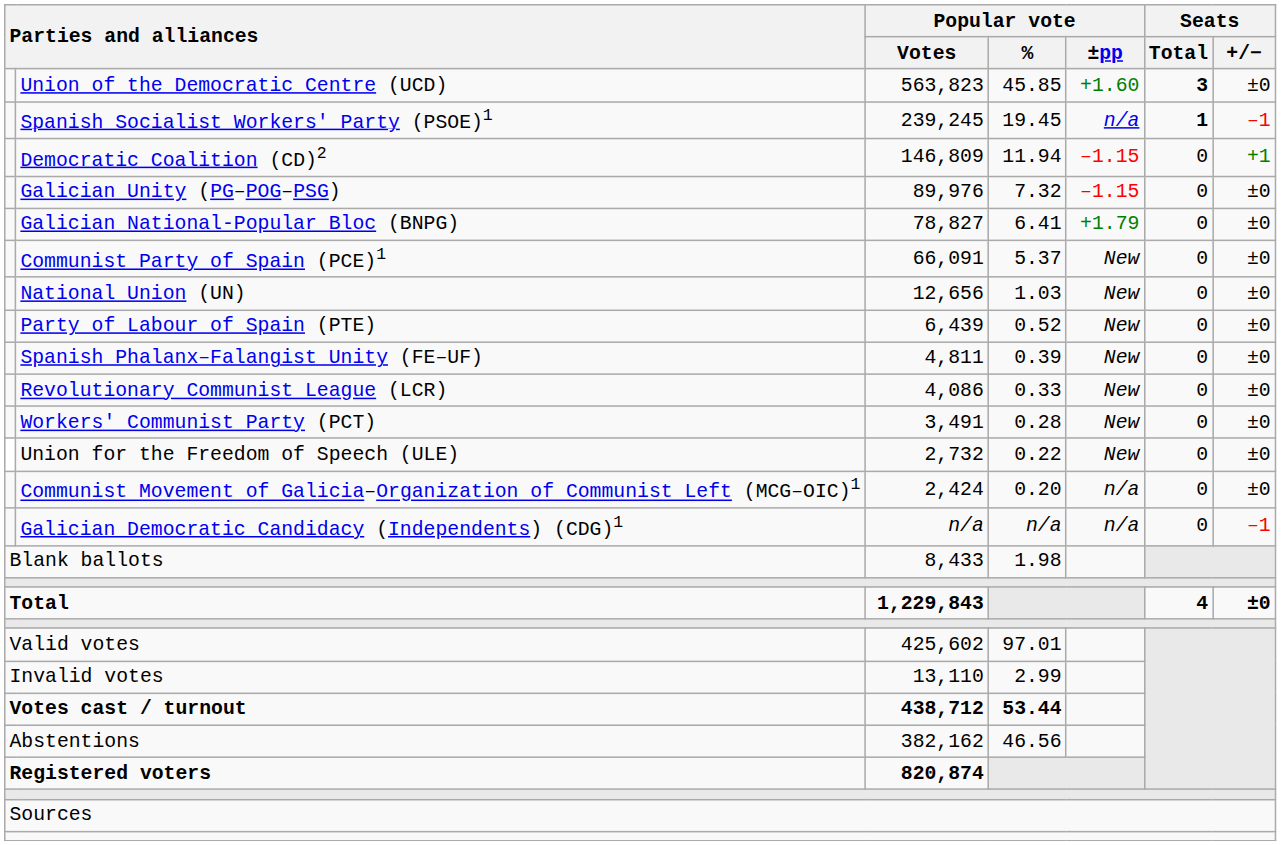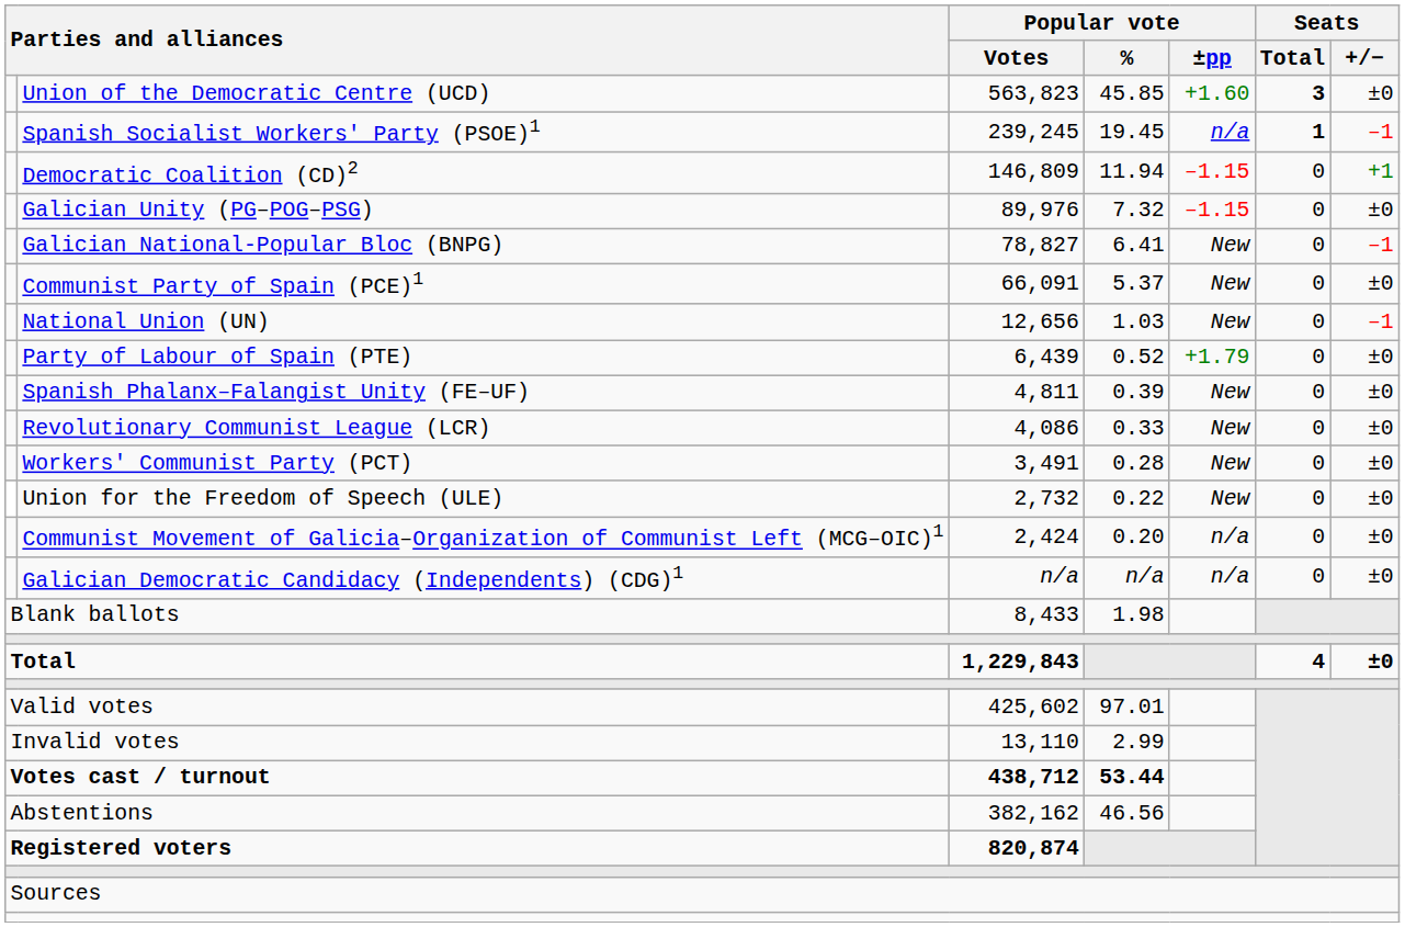 <table class="wikitable" style="text-align:right;">
 <tr>
 <th style="text-align:left;" rowspan="2" colspan="2" width="525">Parties and alliances</th>
 <th colspan="3">Popular vote</th>
 <th colspan="2">Seats</th>
 </tr>
 <tr>
 <th width="75">Votes</th>
 <th width="45">%</th>
 <th width="45">±<a href='#'>pp</a></th>
 <th width="35">Total</th>
 <th width="35">+/−</th>
 </tr>
 <tr>
 <td width="1" style="color:inherit;background:"></td>
 <td align="left"><a href='#'>Union of the Democratic Centre</a> (UCD)</td>
 <td>563,823</td>
 <td>45.85</td>
 <td style="color:green;">+1.60</td>
 <td><strong>3</strong></td>
 <td>±0</td>
 </tr>
 <tr>
 <td style="color:inherit;background:"></td>
 <td align="left"><a href='#'>Spanish Socialist Workers' Party</a> (PSOE)<sup>1</sup></td>
 <td>239,245</td>
 <td>19.45</td>
 <td><em><a href='#'>n/a</a></em></td>
 <td><strong>1</strong></td>
 <td style="color:red;">–1</td>
 </tr>
 <tr>
 <td style="color:inherit;background:"></td>
 <td align="left"><a href='#'>Democratic Coalition</a> (CD)<sup>2</sup></td>
 <td>146,809</td>
 <td>11.94</td>
 <td style="color:red;">–1.15</td>
 <td>0</td>
 <td style="color:green;">+1</td>
 </tr>
 <tr>
 <td style="color:inherit;background:"></td>
 <td align="left"><a href='#'>Galician Unity</a> (<a href='#'>PG</a>–<a href='#'>POG</a>–<a href='#'>PSG</a>)</td>
 <td>89,976</td>
 <td>7.32</td>
 <td style="color:red;">–1.15</td>
 <td>0</td>
 <td>±0</td>
 </tr>
 <tr>
 <td style="color:inherit;background:"></td>
 <td align="left"><a href='#'>Galician National-Popular Bloc</a> (BNPG)</td>
 <td>78,827</td>
 <td>6.41</td>
-<td style="color:green;">+1.79</td>
+<td><em>New</em></td>
 <td>0</td>
-<td>±0</td>
+<td style="color:red;">–1</td>
 </tr>
 <tr>
 <td style="color:inherit;background:"></td>
 <td align="left"><a href='#'>Communist Party of Spain</a> (PCE)<sup>1</sup></td>
 <td>66,091</td>
 <td>5.37</td>
 <td><em>New</em></td>
 <td>0</td>
 <td>±0</td>
 </tr>
 <tr>
 <td style="color:inherit;background:"></td>
 <td align="left"><a href='#'>National Union</a> (UN)</td>
 <td>12,656</td>
 <td>1.03</td>
 <td><em>New</em></td>
 <td>0</td>
-<td>±0</td>
+<td style="color:red;">–1</td>
 </tr>
 <tr>
 <td style="color:inherit;background:"></td>
 <td align="left"><a href='#'>Party of Labour of Spain</a> (PTE)</td>
 <td>6,439</td>
 <td>0.52</td>
-<td><em>New</em></td>
+<td style="color:green;">+1.79</td>
 <td>0</td>
 <td>±0</td>
 </tr>
 <tr>
 <td style="color:inherit;background:"></td>
 <td align="left"><a href='#'>Spanish Phalanx–Falangist Unity</a> (FE–UF)</td>
 <td>4,811</td>
 <td>0.39</td>
 <td><em>New</em></td>
 <td>0</td>
 <td>±0</td>
 </tr>
 <tr>
 <td style="color:inherit;background:"></td>
 <td align="left"><a href='#'>Revolutionary Communist League</a> (LCR)</td>
 <td>4,086</td>
 <td>0.33</td>
 <td><em>New</em></td>
 <td>0</td>
 <td>±0</td>
 </tr>
 <tr>
 <td style="color:inherit;background:"></td>
 <td align="left"><a href='#'>Workers' Communist Party</a> (PCT)</td>
 <td>3,491</td>
 <td>0.28</td>
 <td><em>New</em></td>
 <td>0</td>
 <td>±0</td>
 </tr>
 <tr>
 <td bgcolor="white"></td>
 <td align="left">Union for the Freedom of Speech (ULE)</td>
 <td>2,732</td>
 <td>0.22</td>
 <td><em>New</em></td>
 <td>0</td>
 <td>±0</td>
 </tr>
 <tr>
 <td style="color:inherit;background:"></td>
 <td align="left"><a href='#'>Communist Movement of Galicia</a>–<a href='#'>Organization of Communist Left</a> (MCG–OIC)<sup>1</sup></td>
 <td>2,424</td>
 <td>0.20</td>
 <td><em>n/a</em></td>
 <td>0</td>
 <td>±0</td>
 </tr>
 <tr>
 <td style="color:inherit;background:"></td>
 <td align="left"><a href='#'>Galician Democratic Candidacy</a> (<a href='#'>Independents</a>) (CDG)<sup>1</sup></td>
 <td><em>n/a</em></td>
 <td><em>n/a</em></td>
 <td><em>n/a</em></td>
 <td>0</td>
-<td style="color:red;">–1</td>
+<td>±0</td>
 </tr>
 <tr>
 <td align="left" colspan="2">Blank ballots</td>
 <td>8,433</td>
 <td>1.98</td>
 <td></td>
 <td bgcolor="#E9E9E9" colspan="2"></td>
 </tr>
 <tr>
 <td colspan="7" bgcolor="#E9E9E9"></td>
 </tr>
 <tr style="font-weight:bold;">
 <td align="left" colspan="2">Total</td>
 <td>1,229,843</td>
 <td bgcolor="#E9E9E9" colspan="2"></td>
 <td>4</td>
 <td>±0</td>
 </tr>
 <tr>
 <td colspan="7" bgcolor="#E9E9E9"></td>
 </tr>
 <tr>
 <td align="left" colspan="2">Valid votes</td>
 <td>425,602</td>
 <td>97.01</td>
 <td></td>
 <td bgcolor="#E9E9E9" colspan="2" rowspan="5"></td>
 </tr>
 <tr>
 <td align="left" colspan="2">Invalid votes</td>
 <td>13,110</td>
 <td>2.99</td>
 <td></td>
 </tr>
 <tr style="font-weight:bold;">
 <td align="left" colspan="2">Votes cast / turnout</td>
 <td>438,712</td>
 <td>53.44</td>
 <td></td>
 </tr>
 <tr>
 <td align="left" colspan="2">Abstentions</td>
 <td>382,162</td>
 <td>46.56</td>
 <td></td>
 </tr>
 <tr style="font-weight:bold;">
 <td align="left" colspan="2">Registered voters</td>
 <td>820,874</td>
 <td bgcolor="#E9E9E9" colspan="2"></td>
 </tr>
 <tr>
 <td colspan="7" bgcolor="#E9E9E9"></td>
 </tr>
 <tr>
 <td align="left" colspan="7">Sources</td>
 </tr>
 <tr>
 <td colspan="7" style="text-align:left; max-width:790px;"></td>
 </tr>
 </table>
